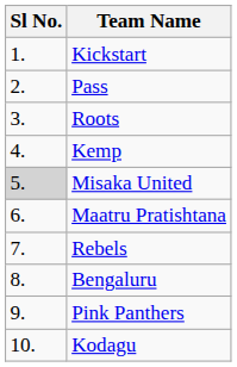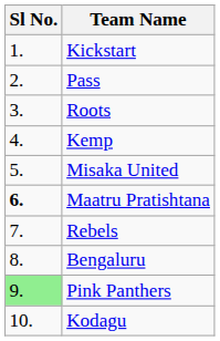 <table class="wikitable">
 <tr>
 <th>Sl No.</th>
 <th>Team Name</th>
 </tr>
 <tr>
 <td>1.</td>
 <td><a href='#'>Kickstart</a></td>
 </tr>
 <tr>
 <td>2.</td>
 <td><a href='#'>Pass</a></td>
 </tr>
 <tr>
 <td>3.</td>
 <td><a href='#'>Roots</a></td>
 </tr>
 <tr>
 <td>4.</td>
 <td><a href='#'>Kemp</a></td>
 </tr>
 <tr>
-<td style="background: lightgrey;">5.</td>
+<td>5.</td>
 <td><a href='#'>Misaka United</a></td>
 </tr>
 <tr>
-<td>6.</td>
+<td><strong>6.</strong></td>
 <td><a href='#'>Maatru Pratishtana</a></td>
 </tr>
 <tr>
 <td>7.</td>
 <td><a href='#'>Rebels</a></td>
 </tr>
 <tr>
 <td>8.</td>
 <td><a href='#'>Bengaluru</a></td>
 </tr>
 <tr>
-<td>9.</td>
+<td style="background: lightgreen;">9.</td>
 <td><a href='#'>Pink Panthers</a></td>
 </tr>
 <tr>
 <td>10.</td>
 <td><a href='#'>Kodagu</a></td>
 </tr>
 </table>
